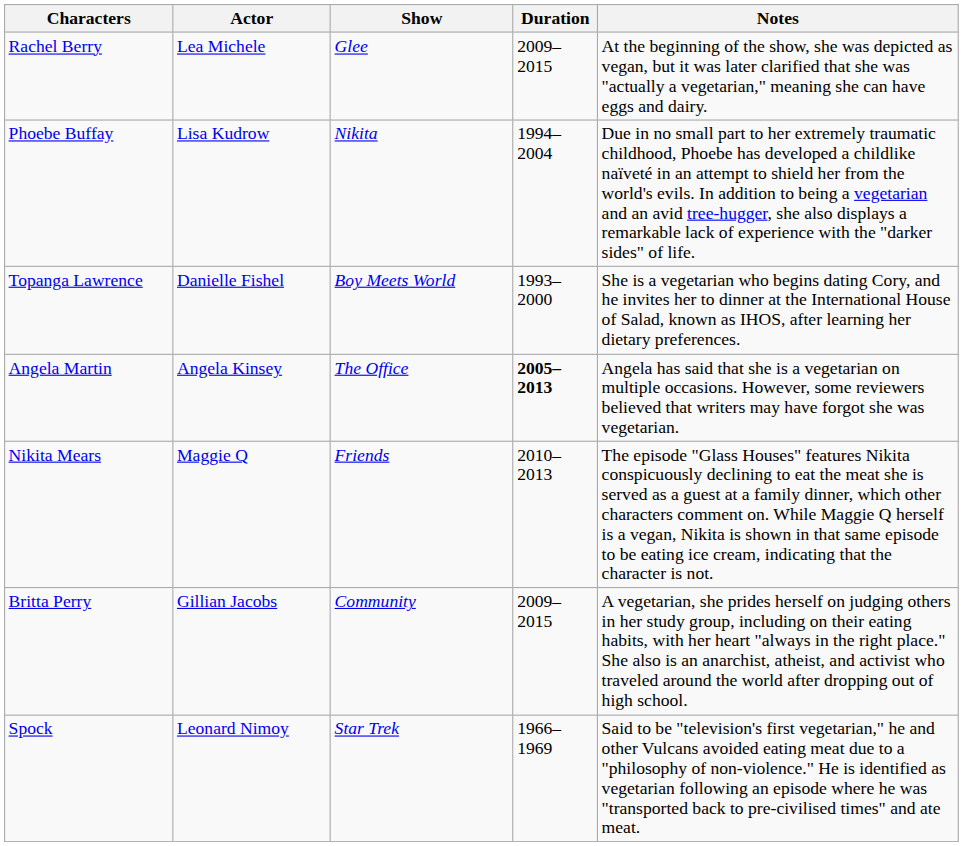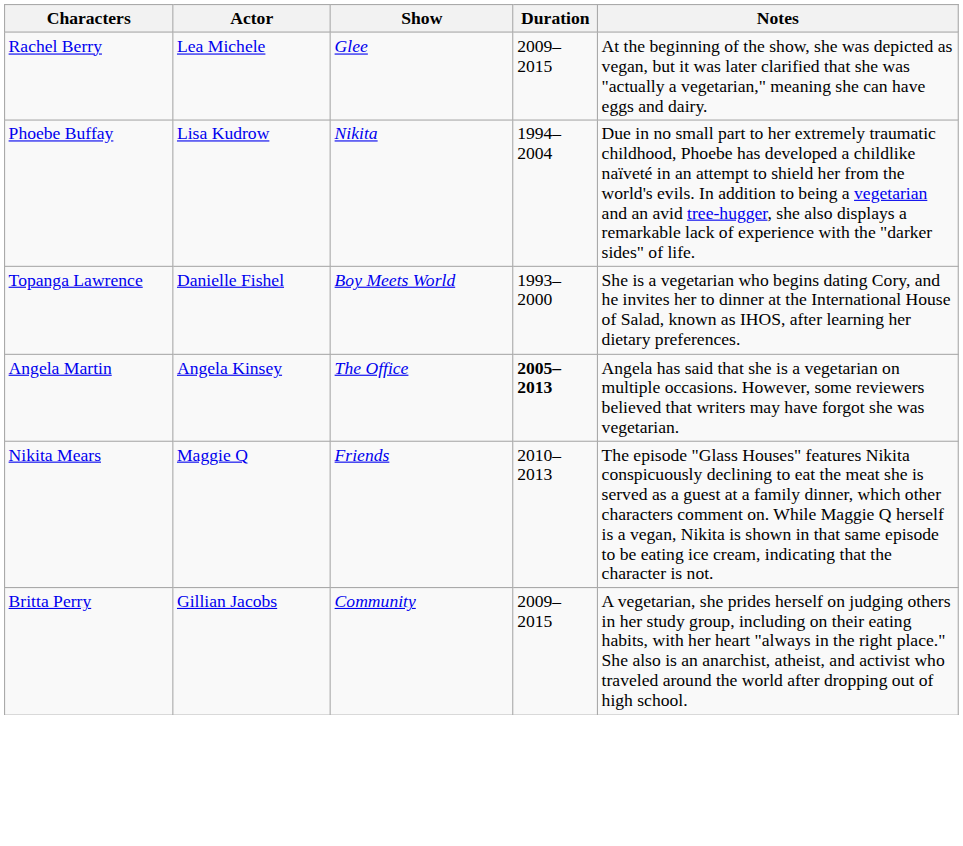 <table class="sortable wikitable" style="margins:auto; width=100%;">
 <tr>
 <th style="width:200px">Characters</th>
 <th style="width:200px">Actor</th>
 <th style="width:225px;">Show</th>
 <th style="width:75px;">Duration</th>
 <th style="width:500px;">Notes</th>
 </tr>
 <tr valign="top">
 <td><a href='#'>Rachel Berry</a></td>
 <td><a href='#'>Lea Michele</a></td>
 <td><em><a href='#'>Glee</a></em></td>
 <td>2009–2015</td>
 <td>At the beginning of the show, she was depicted as vegan, but it was later clarified that she was "actually a vegetarian," meaning she can have eggs and dairy.</td>
 </tr>
 <tr valign="top">
 <td><a href='#'>Phoebe Buffay</a></td>
 <td><a href='#'>Lisa Kudrow</a></td>
 <td><em><a href='#'>Nikita</a></em></td>
 <td>1994–2004</td>
 <td>Due in no small part to her extremely traumatic childhood, Phoebe has developed a childlike naïveté in an attempt to shield her from the world's evils. In addition to being a <a href='#'>vegetarian</a> and an avid <a href='#'>tree-hugger</a>, she also displays a remarkable lack of experience with the "darker sides" of life.</td>
 </tr>
 <tr valign="top">
 <td><a href='#'>Topanga Lawrence</a></td>
 <td><a href='#'>Danielle Fishel</a></td>
 <td><em><a href='#'>Boy Meets World</a></em></td>
 <td>1993–2000</td>
 <td>She is a vegetarian who begins dating Cory, and he invites her to dinner at the International House of Salad, known as IHOS, after learning her dietary preferences.</td>
 </tr>
 <tr valign="top">
 <td><a href='#'>Angela Martin</a></td>
 <td><a href='#'>Angela Kinsey</a></td>
 <td><em><a href='#'>The Office</a></em></td>
 <td><strong>2005–2013</strong></td>
 <td>Angela has said that she is a vegetarian on multiple occasions. However, some reviewers believed that writers may have forgot she was vegetarian.</td>
 </tr>
 <tr valign="top">
 <td><a href='#'>Nikita Mears</a></td>
 <td><a href='#'>Maggie Q</a></td>
 <td><em><a href='#'>Friends</a></em></td>
 <td>2010–2013</td>
 <td>The episode "Glass Houses" features Nikita conspicuously declining to eat the meat she is served as a guest at a family dinner, which other characters comment on. While Maggie Q herself is a vegan, Nikita is shown in that same episode to be eating ice cream, indicating that the character is not.</td>
 </tr>
 <tr valign="top">
 <td><a href='#'>Britta Perry</a></td>
 <td><a href='#'>Gillian Jacobs</a></td>
 <td><em><a href='#'>Community</a></em></td>
 <td>2009–2015</td>
 <td>A vegetarian, she prides herself on judging others in her study group, including on their eating habits, with her heart "always in the right place." She also is an anarchist, atheist, and activist who traveled around the world after dropping out of high school.</td>
 </tr>
-<tr valign="top">
-<td><a href='#'>Spock</a></td>
-<td><a href='#'>Leonard Nimoy</a></td>
-<td><em><a href='#'>Star Trek</a></em></td>
-<td>1966–1969</td>
-<td>Said to be "television's first vegetarian," he and other Vulcans avoided eating meat due to a "philosophy of non-violence." He is identified as vegetarian following an episode where he was "transported back to pre-civilised times" and ate meat.</td>
-</tr>
 </table>
